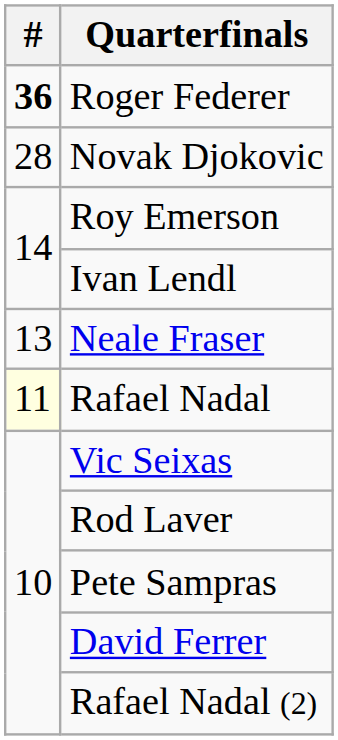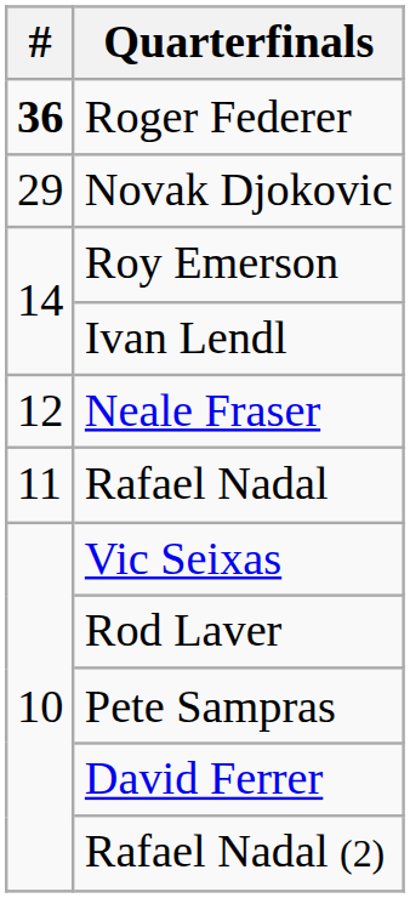 <table class=wikitable style="display:inline-table;">
 <tr>
 <th>#</th>
 <th>Quarterfinals</th>
 </tr>
 <tr>
 <td><strong>36</strong></td>
 <td> Roger Federer</td>
 </tr>
 <tr>
-<td>28</td>
+<td>29</td>
 <td> Novak Djokovic</td>
 </tr>
 <tr>
 <td rowspan="2">14</td>
 <td> Roy Emerson</td>
 </tr>
 <tr>
 <td> Ivan Lendl</td>
 </tr>
 <tr>
-<td>13</td>
+<td>12</td>
 <td> <a href='#'>Neale Fraser</a></td>
 </tr>
 <tr>
-<td style="background: lightyellow;">11</td>
+<td>11</td>
 <td> Rafael Nadal</td>
 </tr>
 <tr>
 <td rowspan="5">10</td>
 <td> <a href='#'>Vic Seixas</a></td>
 </tr>
 <tr>
 <td> Rod Laver</td>
 </tr>
 <tr>
 <td> Pete Sampras</td>
 </tr>
 <tr>
 <td> <a href='#'>David Ferrer</a></td>
 </tr>
 <tr>
 <td> Rafael Nadal <small>(2)</small></td>
 </tr>
 </table>
